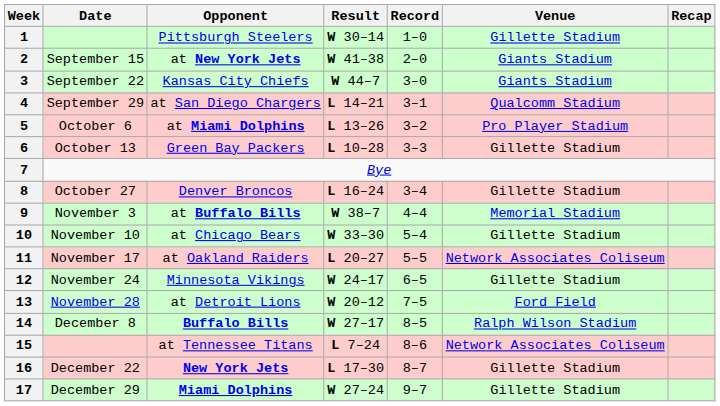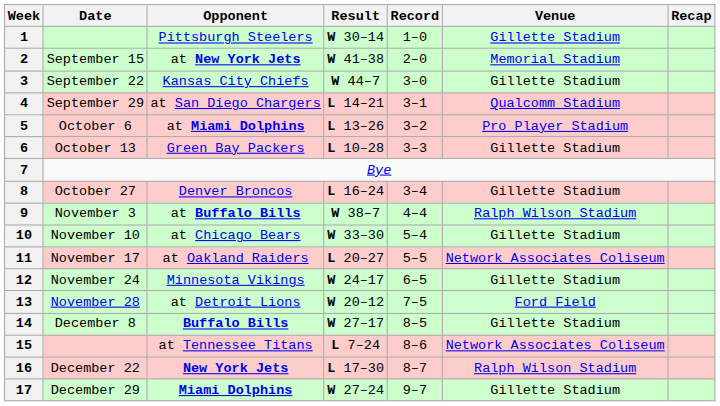 <table class="wikitable" style="text-align:center">
 <tr>
 <th>Week</th>
 <th>Date</th>
 <th>Opponent</th>
 <th>Result</th>
 <th>Record</th>
 <th>Venue</th>
 <th>Recap</th>
 </tr>
 <tr style="background:#cfc">
 <th>1</th>
 <td></td>
 <td><a href='#'>Pittsburgh Steelers</a></td>
 <td><strong>W</strong> 30–14</td>
 <td>1–0</td>
 <td><a href='#'>Gillette Stadium</a></td>
 <td></td>
 </tr>
 <tr style="background:#cfc">
 <th>2</th>
 <td>September 15</td>
 <td>at <strong><a href='#'>New York Jets</a></strong></td>
 <td><strong>W</strong> 41–38 </td>
 <td>2–0</td>
-<td><a href='#'>Giants Stadium</a></td>
+<td><a href='#'>Memorial Stadium</a></td>
 <td></td>
 </tr>
 <tr style="background:#cfc">
 <th>3</th>
 <td>September 22</td>
 <td><a href='#'>Kansas City Chiefs</a></td>
 <td><strong>W</strong> 44–7</td>
 <td>3–0</td>
-<td><a href='#'>Giants Stadium</a></td>
+<td>Gillette Stadium</td>
 <td></td>
 </tr>
 <tr style="background:#fcc">
 <th>4</th>
 <td>September 29</td>
 <td>at <a href='#'>San Diego Chargers</a></td>
 <td><strong>L</strong> 14–21</td>
 <td>3–1</td>
 <td><a href='#'>Qualcomm Stadium</a></td>
 <td></td>
 </tr>
 <tr style="background:#fcc">
 <th>5</th>
 <td>October 6</td>
 <td>at <strong><a href='#'>Miami Dolphins</a></strong></td>
 <td><strong>L</strong> 13–26</td>
 <td>3–2</td>
 <td><a href='#'>Pro Player Stadium</a></td>
 <td></td>
 </tr>
 <tr style="background:#fcc">
 <th>6</th>
 <td>October 13</td>
 <td><a href='#'>Green Bay Packers</a></td>
 <td><strong>L</strong> 10–28</td>
 <td>3–3</td>
 <td>Gillette Stadium</td>
 <td></td>
 </tr>
 <tr>
 <th>7</th>
 <td colspan="6"><em><a href='#'>Bye</a></em></td>
 </tr>
 <tr style="background:#fcc">
 <th>8</th>
 <td>October 27</td>
 <td><a href='#'>Denver Broncos</a></td>
 <td><strong>L</strong> 16–24</td>
 <td>3–4</td>
 <td>Gillette Stadium</td>
 <td></td>
 </tr>
 <tr style="background:#cfc">
 <th>9</th>
 <td>November 3</td>
 <td>at <strong><a href='#'>Buffalo Bills</a></strong></td>
 <td><strong>W</strong> 38–7</td>
 <td>4–4</td>
-<td><a href='#'>Memorial Stadium</a></td>
+<td><a href='#'>Ralph Wilson Stadium</a></td>
 <td></td>
 </tr>
 <tr style="background:#cfc">
 <th>10</th>
 <td>November 10</td>
 <td>at <a href='#'>Chicago Bears</a></td>
 <td><strong>W</strong> 33–30</td>
 <td>5–4</td>
 <td>Gillette Stadium</td>
 <td></td>
 </tr>
 <tr style="background:#fcc">
 <th>11</th>
 <td>November 17</td>
 <td>at <a href='#'>Oakland Raiders</a></td>
 <td><strong>L</strong> 20–27</td>
 <td>5–5</td>
 <td><a href='#'>Network Associates Coliseum</a></td>
 <td></td>
 </tr>
 <tr style="background:#cfc">
 <th>12</th>
 <td>November 24</td>
 <td><a href='#'>Minnesota Vikings</a></td>
 <td><strong>W</strong> 24–17</td>
 <td>6–5</td>
 <td>Gillette Stadium</td>
 <td></td>
 </tr>
 <tr style="background:#cfc">
 <th>13</th>
 <td><a href='#'>November 28</a></td>
 <td>at <a href='#'>Detroit Lions</a></td>
 <td><strong>W</strong> 20–12</td>
 <td>7–5</td>
 <td><a href='#'>Ford Field</a></td>
 <td></td>
 </tr>
 <tr style="background:#cfc">
 <th>14</th>
 <td>December 8</td>
 <td><strong><a href='#'>Buffalo Bills</a></strong></td>
 <td><strong>W</strong> 27–17</td>
 <td>8–5</td>
-<td><a href='#'>Ralph Wilson Stadium</a></td>
+<td>Gillette Stadium</td>
 <td></td>
 </tr>
 <tr style="background:#fcc">
 <th>15</th>
 <td></td>
 <td>at <a href='#'>Tennessee Titans</a></td>
 <td><strong>L</strong> 7–24</td>
 <td>8–6</td>
 <td><a href='#'>Network Associates Coliseum</a></td>
 <td></td>
 </tr>
 <tr style="background:#fcc">
 <th>16</th>
 <td>December 22</td>
 <td><strong><a href='#'>New York Jets</a></strong></td>
 <td><strong>L</strong> 17–30</td>
 <td>8–7</td>
-<td>Gillette Stadium</td>
+<td><a href='#'>Ralph Wilson Stadium</a></td>
 <td></td>
 </tr>
 <tr style="background:#cfc">
 <th>17</th>
 <td>December 29</td>
 <td><strong><a href='#'>Miami Dolphins</a></strong></td>
 <td><strong>W</strong> 27–24 </td>
 <td>9–7</td>
 <td>Gillette Stadium</td>
 <td></td>
 </tr>
 </table>
